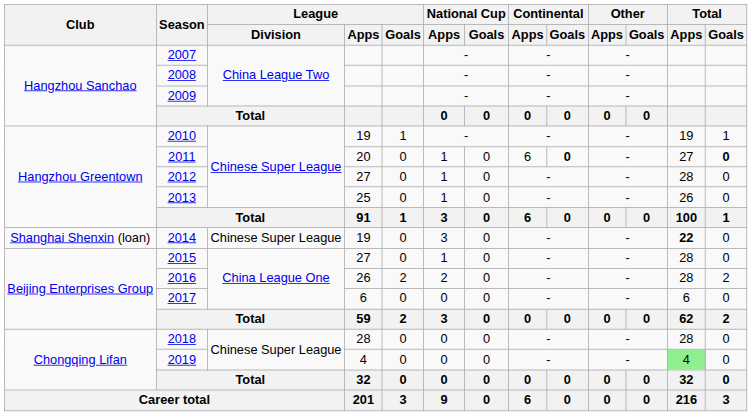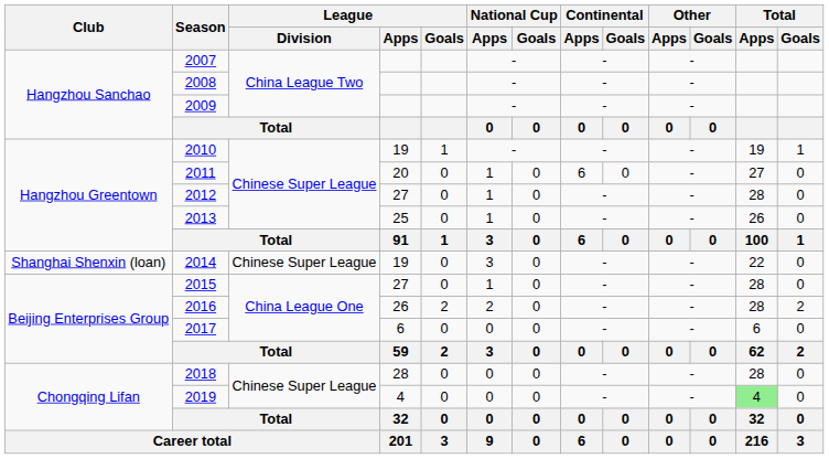 <table class="wikitable" style="text-align: center">
 <tr>
 <th rowspan="2">Club</th>
 <th rowspan="2">Season</th>
 <th colspan="3">League</th>
 <th colspan="2">National Cup</th>
 <th colspan="2">Continental</th>
 <th colspan="2">Other</th>
 <th colspan="2">Total</th>
 </tr>
 <tr>
 <th>Division</th>
 <th>Apps</th>
 <th>Goals</th>
 <th>Apps</th>
 <th>Goals</th>
 <th>Apps</th>
 <th>Goals</th>
 <th>Apps</th>
 <th>Goals</th>
 <th>Apps</th>
 <th>Goals</th>
 </tr>
 <tr>
 <td rowspan="4"><a href='#'>Hangzhou Sanchao</a></td>
 <td><a href='#'>2007</a></td>
 <td rowspan="3"><a href='#'>China League Two</a></td>
 <td></td>
 <td></td>
 <td colspan="2">-</td>
 <td colspan="2">-</td>
 <td colspan="2">-</td>
 <td></td>
 <td></td>
 </tr>
 <tr>
 <td><a href='#'>2008</a></td>
 <td></td>
 <td></td>
 <td colspan="2">-</td>
 <td colspan="2">-</td>
 <td colspan="2">-</td>
 <td></td>
 <td></td>
 </tr>
 <tr>
 <td><a href='#'>2009</a></td>
 <td></td>
 <td></td>
 <td colspan="2">-</td>
 <td colspan="2">-</td>
 <td colspan="2">-</td>
 <td></td>
 <td></td>
 </tr>
 <tr>
 <th colspan="2">Total</th>
 <th></th>
 <th></th>
 <th>0</th>
 <th>0</th>
 <th>0</th>
 <th>0</th>
 <th>0</th>
 <th>0</th>
 <th></th>
 <th></th>
 </tr>
 <tr>
 <td rowspan="5"><a href='#'>Hangzhou Greentown</a></td>
 <td><a href='#'>2010</a></td>
 <td rowspan="4"><a href='#'>Chinese Super League</a></td>
 <td>19</td>
 <td>1</td>
 <td colspan="2">-</td>
 <td colspan="2">-</td>
 <td colspan="2">-</td>
 <td>19</td>
 <td>1</td>
 </tr>
 <tr>
 <td><a href='#'>2011</a></td>
 <td>20</td>
 <td>0</td>
 <td>1</td>
 <td>0</td>
 <td>6</td>
-<td><strong>0</strong></td>
+<td>0</td>
 <td colspan="2">-</td>
 <td>27</td>
-<td><strong>0</strong></td>
+<td>0</td>
 </tr>
 <tr>
 <td><a href='#'>2012</a></td>
 <td>27</td>
 <td>0</td>
 <td>1</td>
 <td>0</td>
 <td colspan="2">-</td>
 <td colspan="2">-</td>
 <td>28</td>
 <td>0</td>
 </tr>
 <tr>
 <td><a href='#'>2013</a></td>
 <td>25</td>
 <td>0</td>
 <td>1</td>
 <td>0</td>
 <td colspan="2">-</td>
 <td colspan="2">-</td>
 <td>26</td>
 <td>0</td>
 </tr>
 <tr>
 <th colspan="2">Total</th>
 <th>91</th>
 <th>1</th>
 <th>3</th>
 <th>0</th>
 <th>6</th>
 <th>0</th>
 <th>0</th>
 <th>0</th>
 <th>100</th>
 <th>1</th>
 </tr>
 <tr>
 <td><a href='#'>Shanghai Shenxin</a> (loan)</td>
 <td><a href='#'>2014</a></td>
 <td>Chinese Super League</td>
 <td>19</td>
 <td>0</td>
 <td>3</td>
 <td>0</td>
 <td colspan="2">-</td>
 <td colspan="2">-</td>
-<td><strong>22</strong></td>
+<td>22</td>
 <td>0</td>
 </tr>
 <tr>
 <td rowspan="4"><a href='#'>Beijing Enterprises Group</a></td>
 <td><a href='#'>2015</a></td>
 <td rowspan="3"><a href='#'>China League One</a></td>
 <td>27</td>
 <td>0</td>
 <td>1</td>
 <td>0</td>
 <td colspan="2">-</td>
 <td colspan="2">-</td>
 <td>28</td>
 <td>0</td>
 </tr>
 <tr>
 <td><a href='#'>2016</a></td>
 <td>26</td>
 <td>2</td>
 <td>2</td>
 <td>0</td>
 <td colspan="2">-</td>
 <td colspan="2">-</td>
 <td>28</td>
 <td>2</td>
 </tr>
 <tr>
 <td><a href='#'>2017</a></td>
 <td>6</td>
 <td>0</td>
 <td>0</td>
 <td>0</td>
 <td colspan="2">-</td>
 <td colspan="2">-</td>
 <td>6</td>
 <td>0</td>
 </tr>
 <tr>
 <th colspan="2">Total</th>
 <th>59</th>
 <th>2</th>
 <th>3</th>
 <th>0</th>
 <th>0</th>
 <th>0</th>
 <th>0</th>
 <th>0</th>
 <th>62</th>
 <th>2</th>
 </tr>
 <tr>
 <td rowspan="3"><a href='#'>Chongqing Lifan</a></td>
 <td><a href='#'>2018</a></td>
 <td rowspan="2">Chinese Super League</td>
 <td>28</td>
 <td>0</td>
 <td>0</td>
 <td>0</td>
 <td colspan="2">-</td>
 <td colspan="2">-</td>
 <td>28</td>
 <td>0</td>
 </tr>
 <tr>
 <td><a href='#'>2019</a></td>
 <td>4</td>
 <td>0</td>
 <td>0</td>
 <td>0</td>
 <td colspan="2">-</td>
 <td colspan="2">-</td>
 <td style="background: lightgreen;">4</td>
 <td>0</td>
 </tr>
 <tr>
 <th colspan="2">Total</th>
 <th>32</th>
 <th>0</th>
 <th>0</th>
 <th>0</th>
 <th>0</th>
 <th>0</th>
 <th>0</th>
 <th>0</th>
 <th>32</th>
 <th>0</th>
 </tr>
 <tr>
 <th colspan=3>Career total</th>
 <th>201</th>
 <th>3</th>
 <th>9</th>
 <th>0</th>
 <th>6</th>
 <th>0</th>
 <th>0</th>
 <th>0</th>
 <th>216</th>
 <th>3</th>
 </tr>
 </table>
